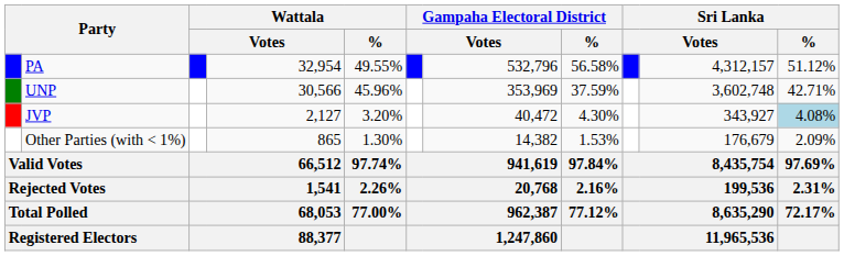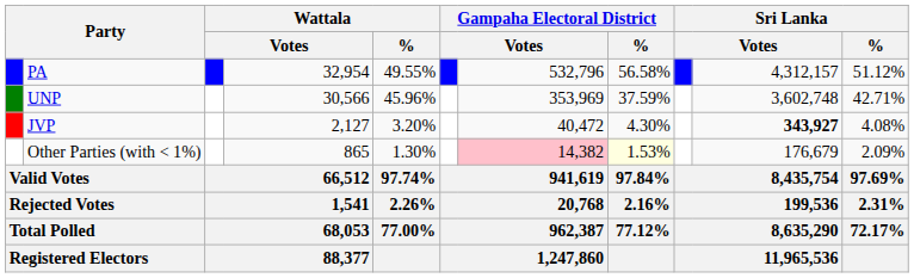 <table class="wikitable">
 <tr>
 <th colspan="2" width="144px"rowspan="2">Party</th>
 <th colspan="3" width="216px">Wattala</th>
 <th colspan="3" width="216px"><a href='#'>Gampaha Electoral District</a></th>
 <th colspan="3" width="216px">Sri Lanka</th>
 </tr>
 <tr>
 <th colspan="2" width="144px">Votes</th>
 <th>%</th>
 <th colspan="2" width="144px">Votes</th>
 <th>%</th>
 <th colspan="2" width="144px">Votes</th>
 <th>%</th>
 </tr>
 <tr>
 <td style="background-color:blue;" width="10px"></td>
 <td style="text-align:left;"><a href='#'>PA</a></td>
 <td style="background-color:blue;" width="10px"></td>
 <td style="text-align:right;">32,954</td>
 <td style="text-align:right;">49.55%</td>
 <td style="background-color:blue;" width="10px"></td>
 <td style="text-align:right;">532,796</td>
 <td style="text-align:right;">56.58%</td>
 <td style="background-color:blue;" width="10px"></td>
 <td style="text-align:right;">4,312,157</td>
 <td style="text-align:right;">51.12%</td>
 </tr>
 <tr>
 <td style="background-color:green;" width="10px"></td>
 <td style="text-align:left;"><a href='#'>UNP</a></td>
 <td style="background-color:white;" width="10px"></td>
 <td style="text-align:right;">30,566</td>
 <td style="text-align:right;">45.96%</td>
 <td style="background-color:white;" width="10px"></td>
 <td style="text-align:right;">353,969</td>
 <td style="text-align:right;">37.59%</td>
 <td style="background-color:white;" width="10px"></td>
 <td style="text-align:right;">3,602,748</td>
 <td style="text-align:right;">42.71%</td>
 </tr>
 <tr>
 <td style="background-color:red;" width="10px"></td>
 <td style="text-align:left;"><a href='#'>JVP</a></td>
 <td style="background-color:white;" width="10px"></td>
 <td style="text-align:right;">2,127</td>
 <td style="text-align:right;">3.20%</td>
 <td style="background-color:white;" width="10px"></td>
 <td style="text-align:right;">40,472</td>
 <td style="text-align:right;">4.30%</td>
 <td style="background-color:white;" width="10px"></td>
-<td style="text-align:right;">343,927</td>
-<td style="background: lightblue; text-align:right;">4.08%</td>
+<td style="text-align:right;"><strong>343,927</strong></td>
+<td style="text-align:right;">4.08%</td>
 </tr>
 <tr>
 <td style="background-color:white;" width="10px"></td>
 <td style="text-align:left;">Other Parties (with < 1%)</td>
 <td style="background-color:white;" width="10px"></td>
 <td style="text-align:right;">865</td>
 <td style="text-align:right;">1.30%</td>
 <td style="background-color:white;" width="10px"></td>
-<td style="text-align:right;">14,382</td>
-<td style="text-align:right;">1.53%</td>
+<td style="background: pink; text-align:right;">14,382</td>
+<td style="background: lightyellow; text-align:right;">1.53%</td>
 <td style="background-color:white;" width="10px"></td>
 <td style="text-align:right;">176,679</td>
 <td style="text-align:right;">2.09%</td>
 </tr>
 <tr>
 <th colspan="2" width="144px"style="text-align:left;">Valid Votes</th>
 <th style="text-align:right;"colspan="2" width="144px">66,512</th>
 <th style="text-align:right;">97.74%</th>
 <th style="text-align:right;"colspan="2" width="144px">941,619</th>
 <th style="text-align:right;">97.84%</th>
 <th style="text-align:right;"colspan="2" width="144px">8,435,754</th>
 <th style="text-align:right;">97.69%</th>
 </tr>
 <tr>
 <th colspan="2" width="144px"style="text-align:left;">Rejected Votes</th>
 <th style="text-align:right;"colspan="2" width="144px">1,541</th>
 <th style="text-align:right;">2.26%</th>
 <th style="text-align:right;"colspan="2" width="144px">20,768</th>
 <th style="text-align:right;">2.16%</th>
 <th style="text-align:right;"colspan="2" width="144px">199,536</th>
 <th style="text-align:right;">2.31%</th>
 </tr>
 <tr>
 <th colspan="2" width="144px"style="text-align:left;">Total Polled</th>
 <th style="text-align:right;"colspan="2" width="144px">68,053</th>
 <th style="text-align:right;">77.00%</th>
 <th style="text-align:right;"colspan="2" width="144px">962,387</th>
 <th style="text-align:right;">77.12%</th>
 <th style="text-align:right;"colspan="2" width="144px">8,635,290</th>
 <th style="text-align:right;">72.17%</th>
 </tr>
 <tr>
 <th colspan="2" width="144px"style="text-align:left;">Registered Electors</th>
 <th style="text-align:right;"colspan="2" width="144px">88,377</th>
 <th></th>
 <th style="text-align:right;"colspan="2" width="144px">1,247,860</th>
 <th></th>
 <th style="text-align:right;"colspan="2" width="144px">11,965,536</th>
 <th></th>
 </tr>
 </table>
